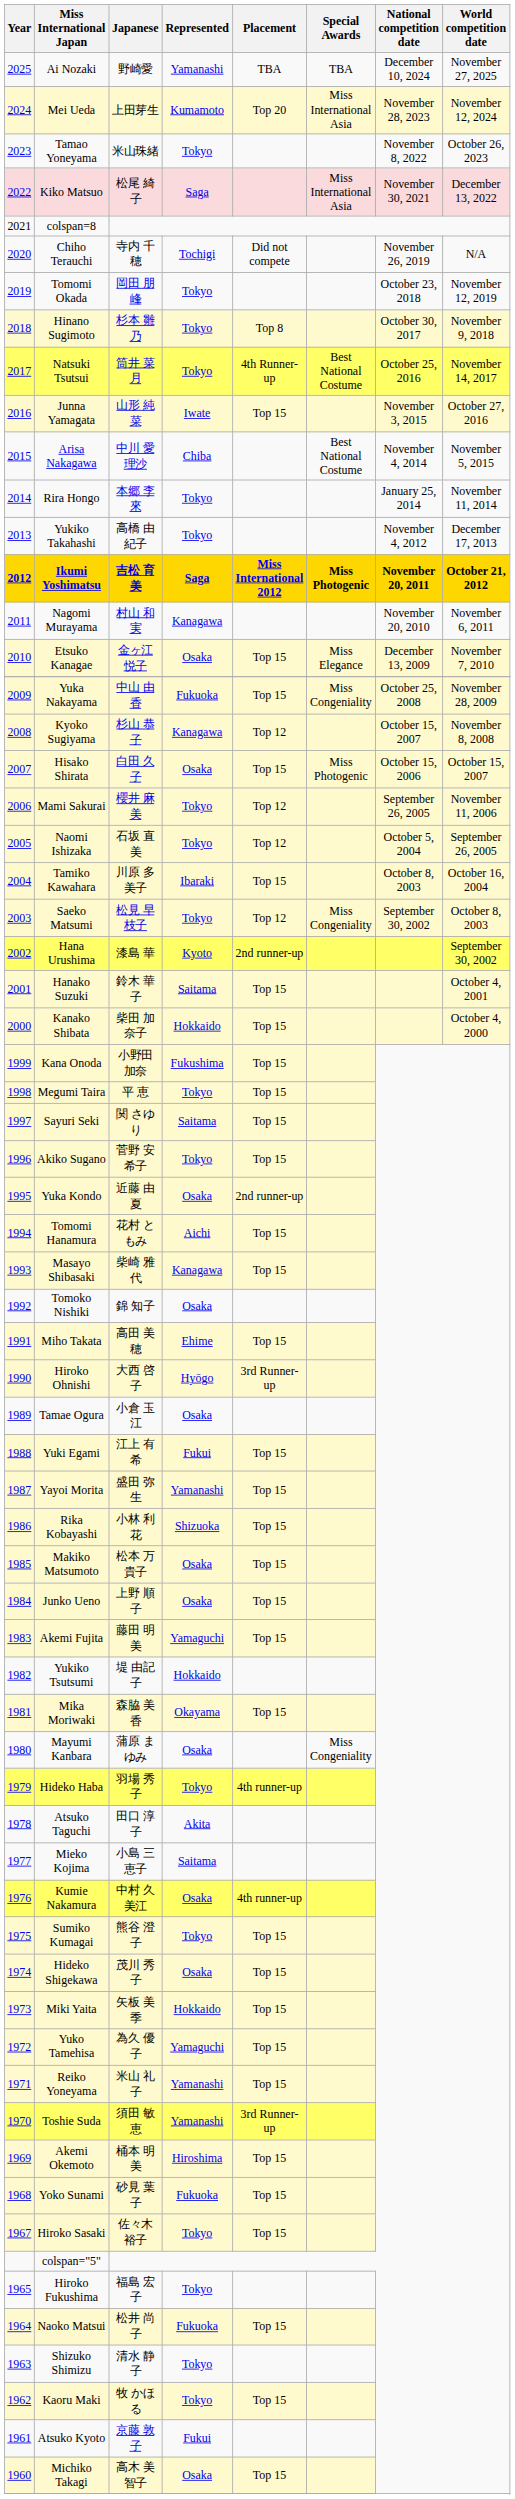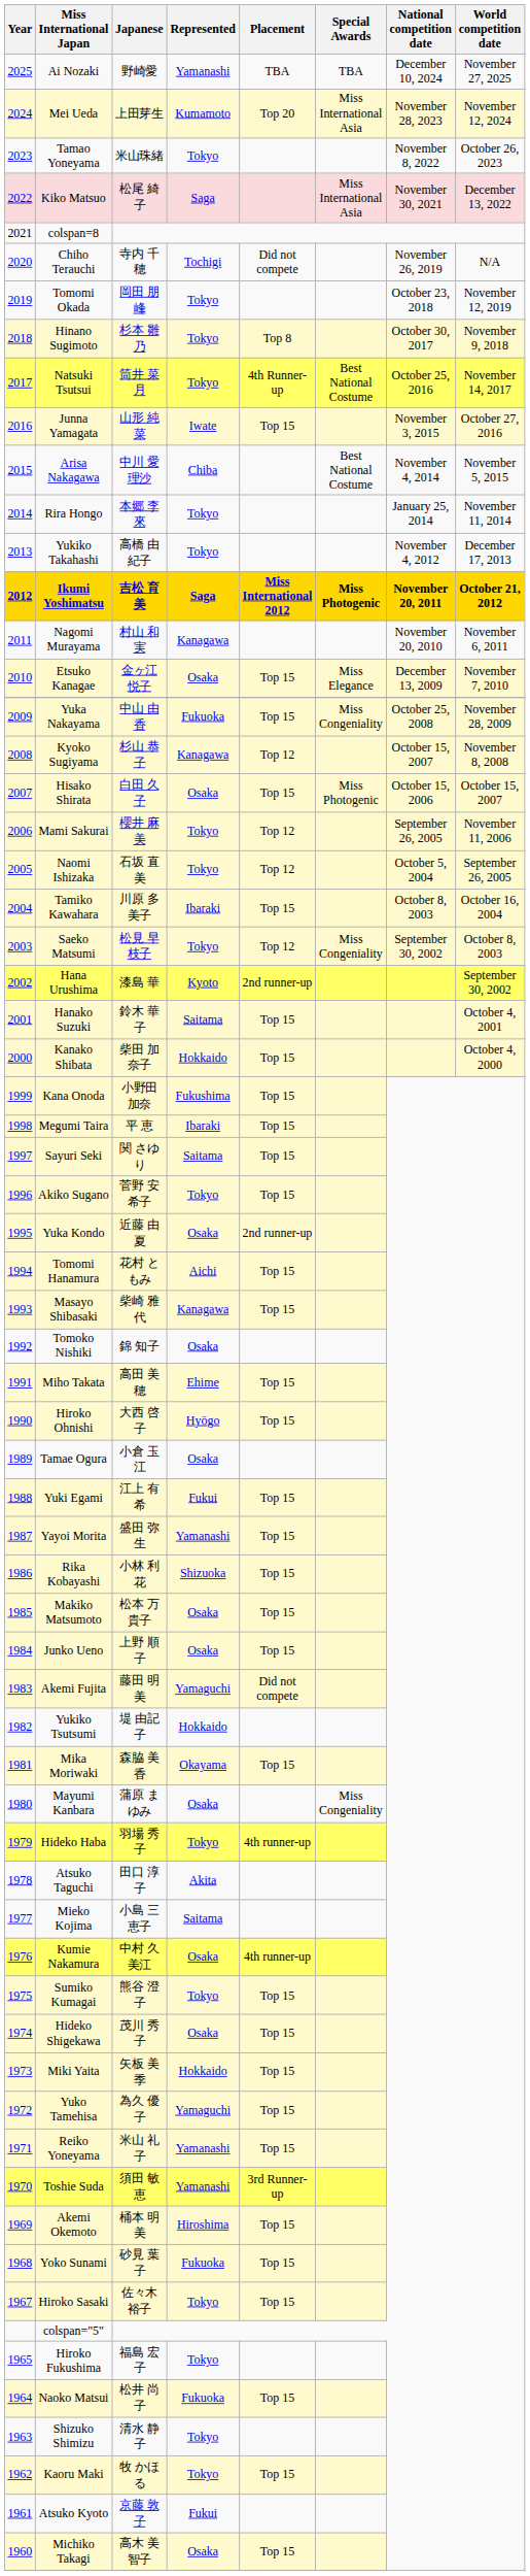 <table class="wikitable sortable" style="font-size: 90%; text-align:center">
 <tr>
 <th width="80">Year</th>
 <th width="250">Miss International Japan</th>
 <th width="250">Japanese</th>
 <th width="250">Represented</th>
 <th width="250">Placement</th>
 <th width="250">Special Awards</th>
 <th width="250">National competition date</th>
 <th width="250">World competition date</th>
 </tr>
 <tr>
 <td><a href='#'>2025</a></td>
 <td>Ai Nozaki</td>
 <td>野崎愛</td>
 <td><a href='#'>Yamanashi</a></td>
 <td>TBA</td>
 <td>TBA</td>
 <td>December 10, 2024</td>
 <td>November 27, 2025</td>
 </tr>
 <tr style="background-color:#FFFACD;">
 <td><a href='#'>2024</a></td>
 <td>Mei Ueda</td>
 <td>上田芽生</td>
 <td><a href='#'>Kumamoto</a></td>
 <td>Top 20</td>
 <td>Miss International Asia</td>
 <td>November 28, 2023</td>
 <td>November 12, 2024</td>
 </tr>
 <tr>
 <td><a href='#'>2023</a></td>
 <td>Tamao Yoneyama</td>
 <td>米山珠緒</td>
 <td><a href='#'>Tokyo</a></td>
 <td></td>
 <td></td>
 <td>November 8, 2022</td>
 <td>October 26, 2023</td>
 </tr>
 <tr style="background-color:#FADADD; ">
 <td><a href='#'>2022</a></td>
 <td>Kiko Matsuo</td>
 <td>松尾 綺子</td>
 <td><a href='#'>Saga</a></td>
 <td></td>
 <td>Miss International Asia</td>
 <td>November 30, 2021</td>
 <td>December 13, 2022</td>
 </tr>
 <tr>
 <td>2021</td>
 <td>colspan=8 </td>
 </tr>
 <tr>
 <td><a href='#'>2020</a></td>
 <td>Chiho Terauchi</td>
 <td>寺内 千穂</td>
 <td><a href='#'>Tochigi</a></td>
 <td>Did not compete</td>
 <td></td>
 <td>November 26, 2019</td>
 <td>N/A</td>
 </tr>
 <tr>
 <td><a href='#'>2019</a></td>
 <td>Tomomi Okada</td>
 <td><a href='#'>岡田 朋峰</a></td>
 <td><a href='#'>Tokyo</a></td>
 <td></td>
 <td></td>
 <td>October 23, 2018</td>
 <td>November 12, 2019</td>
 </tr>
 <tr style="background-color:#FFFACD;">
 <td><a href='#'>2018</a></td>
 <td>Hinano Sugimoto</td>
 <td><a href='#'>杉本 雛乃</a></td>
 <td><a href='#'>Tokyo</a></td>
 <td>Top 8</td>
 <td></td>
 <td>October 30, 2017</td>
 <td>November 9, 2018</td>
 </tr>
 <tr style="background-color:#FFFF66;">
 <td><a href='#'>2017</a></td>
 <td>Natsuki Tsutsui</td>
 <td><a href='#'>筒井 菜月</a></td>
 <td><a href='#'>Tokyo</a></td>
 <td>4th Runner-up</td>
 <td>Best National Costume</td>
 <td>October 25, 2016</td>
 <td>November 14, 2017</td>
 </tr>
 <tr style="background-color:#FFFACD;">
 <td><a href='#'>2016</a></td>
 <td>Junna Yamagata</td>
 <td><a href='#'>山形 純菜</a></td>
 <td><a href='#'>Iwate</a></td>
 <td>Top 15</td>
 <td></td>
 <td>November 3, 2015</td>
 <td>October 27, 2016</td>
 </tr>
 <tr>
 <td><a href='#'>2015</a></td>
 <td><a href='#'>Arisa Nakagawa</a></td>
 <td><a href='#'>中川 愛理沙</a></td>
 <td><a href='#'>Chiba</a></td>
 <td></td>
 <td>Best National Costume</td>
 <td>November 4, 2014</td>
 <td>November 5, 2015</td>
 </tr>
 <tr>
 <td><a href='#'>2014</a></td>
 <td>Rira Hongo</td>
 <td><a href='#'>本郷 李來</a></td>
 <td><a href='#'>Tokyo</a></td>
 <td></td>
 <td></td>
 <td>January 25, 2014</td>
 <td>November 11, 2014</td>
 </tr>
 <tr>
 <td><a href='#'>2013</a></td>
 <td>Yukiko Takahashi</td>
 <td>高橋 由紀子</td>
 <td><a href='#'>Tokyo</a></td>
 <td></td>
 <td></td>
 <td>November 4, 2012</td>
 <td>December 17, 2013</td>
 </tr>
 <tr style="background-color:gold;">
 <td><strong><a href='#'>2012</a></strong></td>
 <td><strong><a href='#'>Ikumi Yoshimatsu</a></strong></td>
 <td><strong><a href='#'>吉松 育美</a></strong></td>
 <td><strong><a href='#'>Saga</a></strong></td>
 <td><strong><a href='#'>Miss International 2012</a></strong></td>
 <td><strong>Miss Photogenic</strong></td>
 <td><strong>November 20, 2011</strong></td>
 <td><strong>October 21, 2012</strong></td>
 </tr>
 <tr>
 <td><a href='#'>2011</a></td>
 <td>Nagomi Murayama</td>
 <td><a href='#'>村山 和実</a></td>
 <td><a href='#'>Kanagawa</a></td>
 <td></td>
 <td></td>
 <td>November 20, 2010</td>
 <td>November 6, 2011</td>
 </tr>
 <tr style="background-color:#FFFACD;">
 <td><a href='#'>2010</a></td>
 <td>Etsuko Kanagae</td>
 <td><a href='#'>金ヶ江 悦子</a></td>
 <td><a href='#'>Osaka</a></td>
 <td>Top 15</td>
 <td>Miss Elegance</td>
 <td>December 13, 2009</td>
 <td>November 7, 2010</td>
 </tr>
 <tr>
 </tr>
 <tr style="background-color:#FFFACD; ">
 <td><a href='#'>2009</a></td>
 <td>Yuka Nakayama</td>
 <td><a href='#'>中山 由香</a></td>
 <td><a href='#'>Fukuoka</a></td>
 <td>Top 15</td>
 <td>Miss Congeniality</td>
 <td>October 25, 2008</td>
 <td>November 28, 2009</td>
 </tr>
 <tr style="background-color:#FFFACD; ">
 <td><a href='#'>2008</a></td>
 <td>Kyoko Sugiyama</td>
 <td><a href='#'>杉山 恭子</a></td>
 <td><a href='#'>Kanagawa</a></td>
 <td>Top 12</td>
 <td></td>
 <td>October 15, 2007</td>
 <td>November 8, 2008</td>
 </tr>
 <tr style="background-color:#FFFACD;">
 <td><a href='#'>2007</a></td>
 <td>Hisako Shirata</td>
 <td><a href='#'>白田 久子</a></td>
 <td><a href='#'>Osaka</a></td>
 <td>Top 15</td>
 <td>Miss Photogenic</td>
 <td>October 15, 2006</td>
 <td>October 15, 2007</td>
 </tr>
 <tr style="background-color:#FFFACD;">
 <td><a href='#'>2006</a></td>
 <td>Mami Sakurai</td>
 <td><a href='#'>櫻井 麻美</a></td>
 <td><a href='#'>Tokyo</a></td>
 <td>Top 12</td>
 <td></td>
 <td>September 26, 2005</td>
 <td>November 11, 2006</td>
 </tr>
 <tr style="background-color:#FFFACD;">
 <td><a href='#'>2005</a></td>
 <td>Naomi Ishizaka</td>
 <td>石坂 直美</td>
 <td><a href='#'>Tokyo</a></td>
 <td>Top 12</td>
 <td></td>
 <td>October 5, 2004</td>
 <td>September 26, 2005</td>
 </tr>
 <tr style="background-color:#FFFACD;">
 <td><a href='#'>2004</a></td>
 <td>Tamiko Kawahara</td>
 <td>川原 多美子</td>
 <td><a href='#'>Ibaraki</a></td>
 <td>Top 15</td>
 <td></td>
 <td>October 8, 2003</td>
 <td>October 16, 2004</td>
 </tr>
 <tr style="background-color:#FFFACD;">
 <td><a href='#'>2003</a></td>
 <td>Saeko Matsumi</td>
 <td><a href='#'>松見 早枝子</a></td>
 <td><a href='#'>Tokyo</a></td>
 <td>Top 12</td>
 <td>Miss Congeniality</td>
 <td>September 30, 2002</td>
 <td>October 8, 2003</td>
 </tr>
 <tr style="background-color:#FFFF66;">
 <td><a href='#'>2002</a></td>
 <td>Hana Urushima</td>
 <td>漆島 華</td>
 <td><a href='#'>Kyoto</a></td>
 <td>2nd runner-up</td>
 <td></td>
 <td></td>
 <td>September 30, 2002</td>
 </tr>
 <tr style="background-color:#FFFACD;">
 <td><a href='#'>2001</a></td>
 <td>Hanako Suzuki</td>
 <td>鈴木 華子</td>
 <td><a href='#'>Saitama</a></td>
 <td>Top 15</td>
 <td></td>
 <td></td>
 <td>October 4, 2001</td>
 </tr>
 <tr style="background-color:#FFFACD;">
 <td><a href='#'>2000</a></td>
 <td>Kanako Shibata</td>
 <td>柴田 加奈子</td>
 <td><a href='#'>Hokkaido</a></td>
 <td>Top 15</td>
 <td></td>
 <td></td>
 <td>October 4, 2000</td>
 </tr>
 <tr style="background-color:#FFFACD;">
 <td><a href='#'>1999</a></td>
 <td>Kana Onoda</td>
 <td>小野田 加奈</td>
 <td><a href='#'>Fukushima</a></td>
 <td>Top 15</td>
 <td></td>
 </tr>
 <tr style="background-color:#FFFACD;">
 <td><a href='#'>1998</a></td>
 <td>Megumi Taira</td>
 <td>平 恵</td>
-<td><a href='#'>Tokyo</a></td>
+<td><a href='#'>Ibaraki</a></td>
 <td>Top 15</td>
 <td></td>
 </tr>
 <tr style="background-color:#FFFACD;">
 <td><a href='#'>1997</a></td>
 <td>Sayuri Seki</td>
 <td>関 さゆり</td>
 <td><a href='#'>Saitama</a></td>
 <td>Top 15</td>
 <td></td>
 </tr>
 <tr style="background-color:#FFFACD;">
 <td><a href='#'>1996</a></td>
 <td>Akiko Sugano</td>
 <td>菅野 安希子</td>
 <td><a href='#'>Tokyo</a></td>
 <td>Top 15</td>
 <td></td>
 </tr>
 <tr style="background-color:#FFFACD;">
 <td><a href='#'>1995</a></td>
 <td>Yuka Kondo</td>
 <td>近藤 由夏</td>
 <td><a href='#'>Osaka</a></td>
 <td>2nd runner-up</td>
 <td></td>
 </tr>
 <tr style="background-color:#FFFACD;">
 <td><a href='#'>1994</a></td>
 <td>Tomomi Hanamura</td>
 <td>花村 ともみ</td>
 <td><a href='#'>Aichi</a></td>
 <td>Top 15</td>
 <td></td>
 </tr>
 <tr style="background-color:#FFFACD;">
 <td><a href='#'>1993</a></td>
 <td>Masayo Shibasaki</td>
 <td>柴崎 雅代</td>
 <td><a href='#'>Kanagawa</a></td>
 <td>Top 15</td>
 <td></td>
 </tr>
 <tr>
 <td><a href='#'>1992</a></td>
 <td>Tomoko Nishiki</td>
 <td>錦 知子</td>
 <td><a href='#'>Osaka</a></td>
 <td></td>
 <td></td>
 </tr>
 <tr style="background-color:#FFFACD;">
 <td><a href='#'>1991</a></td>
 <td>Miho Takata</td>
 <td>高田 美穂</td>
 <td><a href='#'>Ehime</a></td>
 <td>Top 15</td>
 <td></td>
 </tr>
 <tr style="background-color:#FFFACD;">
 <td><a href='#'>1990</a></td>
 <td>Hiroko Ohnishi</td>
 <td>大西 啓子</td>
 <td><a href='#'>Hyōgo</a></td>
-<td>3rd Runner-up</td>
+<td>Top 15</td>
 <td></td>
 </tr>
 <tr s>
 <td><a href='#'>1989</a></td>
 <td>Tamae Ogura</td>
 <td>小倉 玉江</td>
 <td><a href='#'>Osaka</a></td>
 <td></td>
 <td></td>
 </tr>
 <tr style="background-color:#FFFACD;">
 <td><a href='#'>1988</a></td>
 <td>Yuki Egami</td>
 <td>江上 有希</td>
 <td><a href='#'>Fukui</a></td>
 <td>Top 15</td>
 <td></td>
 </tr>
 <tr style="background-color:#FFFACD;">
 <td><a href='#'>1987</a></td>
 <td>Yayoi Morita</td>
 <td>盛田 弥生</td>
 <td><a href='#'>Yamanashi</a></td>
 <td>Top 15</td>
 <td></td>
 </tr>
 <tr style="background-color:#FFFACD;">
 <td><a href='#'>1986</a></td>
 <td>Rika Kobayashi</td>
 <td>小林 利花</td>
 <td><a href='#'>Shizuoka</a></td>
 <td>Top 15</td>
 <td></td>
 </tr>
 <tr style="background-color:#FFFACD;">
 <td><a href='#'>1985</a></td>
 <td>Makiko Matsumoto</td>
 <td>松本 万貴子</td>
 <td><a href='#'>Osaka</a></td>
 <td>Top 15</td>
 <td></td>
 </tr>
 <tr style="background-color:#FFFACD;">
 <td><a href='#'>1984</a></td>
 <td>Junko Ueno</td>
 <td>上野 順子</td>
 <td><a href='#'>Osaka</a></td>
 <td>Top 15</td>
 <td></td>
 </tr>
 <tr style="background-color:#FFFACD;">
 <td><a href='#'>1983</a></td>
 <td>Akemi Fujita</td>
 <td>藤田 明美</td>
 <td><a href='#'>Yamaguchi</a></td>
-<td>Top 15</td>
+<td>Did not compete</td>
 <td></td>
 </tr>
 <tr>
 <td><a href='#'>1982</a></td>
 <td>Yukiko Tsutsumi</td>
 <td>堤 由記子</td>
 <td><a href='#'>Hokkaido</a></td>
 <td></td>
 <td></td>
 </tr>
 <tr style="background-color:#FFFACD;">
 <td><a href='#'>1981</a></td>
 <td>Mika Moriwaki</td>
 <td>森脇 美香</td>
 <td><a href='#'>Okayama</a></td>
 <td>Top 15</td>
 <td></td>
 </tr>
 <tr>
 <td><a href='#'>1980</a></td>
 <td>Mayumi Kanbara</td>
 <td>蒲原 まゆみ</td>
 <td><a href='#'>Osaka</a></td>
 <td></td>
 <td>Miss Congeniality</td>
 </tr>
 <tr style="background-color:#FFFF66;">
 <td><a href='#'>1979</a></td>
 <td>Hideko Haba</td>
 <td>羽場 秀子</td>
 <td><a href='#'>Tokyo</a></td>
 <td>4th runner-up</td>
 <td></td>
 </tr>
 <tr>
 <td><a href='#'>1978</a></td>
 <td>Atsuko Taguchi</td>
 <td>田口 淳子</td>
 <td><a href='#'>Akita</a></td>
 <td></td>
 <td></td>
 </tr>
 <tr>
 <td><a href='#'>1977</a></td>
 <td>Mieko Kojima</td>
 <td>小島 三恵子</td>
 <td><a href='#'>Saitama</a></td>
 <td></td>
 <td></td>
 </tr>
 <tr style="background-color:#FFFF66;">
 <td><a href='#'>1976</a></td>
 <td>Kumie Nakamura</td>
 <td>中村 久美江</td>
 <td><a href='#'>Osaka</a></td>
 <td>4th runner-up</td>
 <td></td>
 </tr>
 <tr style="background-color:#FFFACD;">
 <td><a href='#'>1975</a></td>
 <td>Sumiko Kumagai</td>
 <td>熊谷 澄子</td>
 <td><a href='#'>Tokyo</a></td>
 <td>Top 15</td>
 <td></td>
 </tr>
 <tr style="background-color:#FFFACD;">
 <td><a href='#'>1974</a></td>
 <td>Hideko Shigekawa</td>
 <td>茂川 秀子</td>
 <td><a href='#'>Osaka</a></td>
 <td>Top 15</td>
 <td></td>
 </tr>
 <tr style="background-color:#FFFACD;">
 <td><a href='#'>1973</a></td>
 <td>Miki Yaita</td>
 <td>矢板 美季</td>
 <td><a href='#'>Hokkaido</a></td>
 <td>Top 15</td>
 <td></td>
 </tr>
 <tr style="background-color:#FFFACD;">
 <td><a href='#'>1972</a></td>
 <td>Yuko Tamehisa</td>
 <td>為久 優子</td>
 <td><a href='#'>Yamaguchi</a></td>
 <td>Top 15</td>
 <td></td>
 </tr>
 <tr style="background-color:#FFFACD;">
 <td><a href='#'>1971</a></td>
 <td>Reiko Yoneyama</td>
 <td>米山 礼子</td>
 <td><a href='#'>Yamanashi</a></td>
 <td>Top 15</td>
 <td></td>
 </tr>
 <tr style="background-color:#FFFF66;">
 <td><a href='#'>1970</a></td>
 <td>Toshie Suda</td>
 <td>須田 敏恵</td>
 <td><a href='#'>Yamanashi</a></td>
 <td>3rd Runner-up</td>
 <td></td>
 </tr>
 <tr style="background-color:#FFFACD;">
 <td><a href='#'>1969</a></td>
 <td>Akemi Okemoto</td>
 <td>桶本 明美</td>
 <td><a href='#'>Hiroshima</a></td>
 <td>Top 15</td>
 <td></td>
 </tr>
 <tr style="background-color:#FFFACD;">
 <td><a href='#'>1968</a></td>
 <td>Yoko Sunami</td>
 <td>砂見 葉子</td>
 <td><a href='#'>Fukuoka</a></td>
 <td>Top 15</td>
 <td></td>
 </tr>
 <tr style="background-color:#FFFACD;">
 <td><a href='#'>1967</a></td>
 <td>Hiroko Sasaki</td>
 <td>佐々木 裕子</td>
 <td><a href='#'>Tokyo</a></td>
 <td>Top 15</td>
 <td></td>
 </tr>
 <tr>
 <td></td>
 <td>colspan="5" </td>
 </tr>
 <tr>
 <td><a href='#'>1965</a></td>
 <td>Hiroko Fukushima</td>
 <td>福島 宏子</td>
 <td><a href='#'>Tokyo</a></td>
 <td></td>
 <td></td>
 </tr>
 <tr style="background-color:#FFFACD;">
 <td><a href='#'>1964</a></td>
 <td>Naoko Matsui</td>
 <td>松井 尚子</td>
 <td><a href='#'>Fukuoka</a></td>
 <td>Top 15</td>
 <td></td>
 </tr>
 <tr>
 <td><a href='#'>1963</a></td>
 <td>Shizuko Shimizu</td>
 <td>清水 静子</td>
 <td><a href='#'>Tokyo</a></td>
 <td></td>
 <td></td>
 </tr>
 <tr style="background-color:#FFFACD;">
 <td><a href='#'>1962</a></td>
 <td>Kaoru Maki</td>
 <td>牧 かほる</td>
 <td><a href='#'>Tokyo</a></td>
 <td>Top 15</td>
 <td></td>
 </tr>
 <tr>
 <td><a href='#'>1961</a></td>
 <td>Atsuko Kyoto</td>
 <td><a href='#'>京藤 敦子</a></td>
 <td><a href='#'>Fukui</a></td>
 <td></td>
 <td></td>
 </tr>
 <tr style="background-color:#FFFACD;">
 <td><a href='#'>1960</a></td>
 <td>Michiko Takagi</td>
 <td>高木 美智子</td>
 <td><a href='#'>Osaka</a></td>
 <td>Top 15</td>
 <td></td>
 </tr>
 <tr>
 </tr>
 </table>
